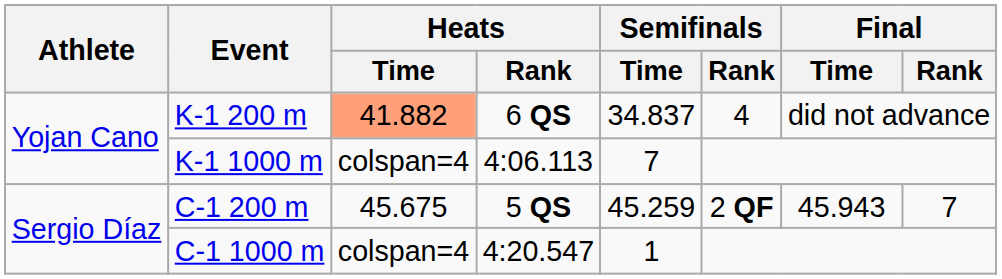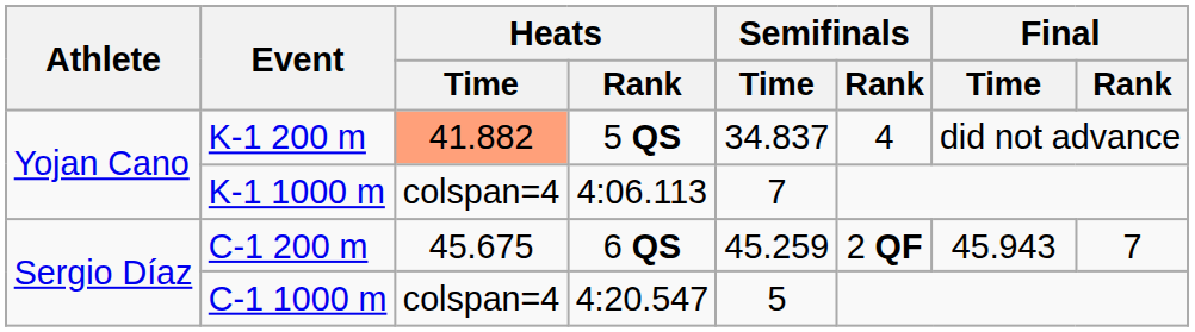 <table class=wikitable style="font-size:90%;">
 <tr>
 <th rowspan="2">Athlete</th>
 <th rowspan="2">Event</th>
 <th colspan=2>Heats</th>
 <th colspan=2>Semifinals</th>
 <th colspan=2>Final</th>
 </tr>
 <tr style="font-size:95%">
 <th>Time</th>
 <th>Rank</th>
 <th>Time</th>
 <th>Rank</th>
 <th>Time</th>
 <th>Rank</th>
 </tr>
 <tr align=center>
 <td align=left rowspan=2><a href='#'>Yojan Cano</a></td>
 <td align=left><a href='#'>K-1 200 m</a></td>
 <td style="background: lightsalmon;">41.882</td>
-<td>6 <strong>QS</strong></td>
+<td>5 <strong>QS</strong></td>
 <td>34.837</td>
 <td>4</td>
 <td colspan=2>did not advance</td>
 </tr>
 <tr align=center>
 <td align=left><a href='#'>K-1 1000 m</a></td>
 <td>colspan=4 </td>
 <td>4:06.113</td>
 <td>7</td>
 </tr>
 <tr align=center>
 <td align=left rowspan=2><a href='#'>Sergio Díaz</a></td>
 <td align=left><a href='#'>C-1 200 m</a></td>
 <td>45.675</td>
-<td>5 <strong>QS</strong></td>
+<td>6 <strong>QS</strong></td>
 <td>45.259</td>
 <td>2 <strong>QF</strong></td>
 <td>45.943</td>
 <td>7</td>
 </tr>
 <tr align=center>
 <td align=left><a href='#'>C-1 1000 m</a></td>
 <td>colspan=4 </td>
 <td>4:20.547</td>
-<td>1</td>
+<td>5</td>
 </tr>
 </table>
